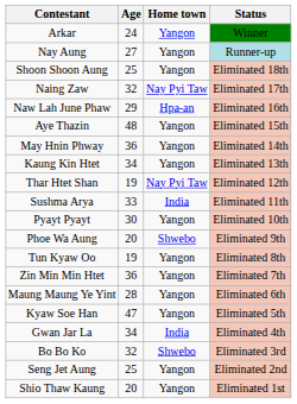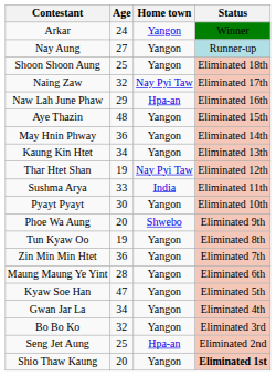 <table class= "wikitable sortable" style="text-align: center; margin:auto; align: center">
 <tr>
 <th>Contestant</th>
 <th>Age</th>
 <th>Home town</th>
 <th>Status</th>
 </tr>
 <tr>
 <td>Arkar</td>
 <td>24</td>
 <td><a href='#'>Yangon</a></td>
 <td style="background:green;"><span>Winner</span></td>
 </tr>
 <tr>
 <td>Nay Aung</td>
 <td>27</td>
 <td>Yangon</td>
 <td style="background:#B0E0E6;">Runner-up</td>
 </tr>
 <tr>
 <td>Shoon Shoon Aung</td>
 <td>25</td>
 <td>Yangon</td>
 <td bgcolor="#F4C7B8">Eliminated 18th</td>
 </tr>
 <tr>
 <td>Naing Zaw</td>
 <td>32</td>
 <td><a href='#'>Nay Pyi Taw</a></td>
 <td bgcolor="#F4C7B8">Eliminated 17th</td>
 </tr>
 <tr>
 <td>Naw Lah June Phaw</td>
 <td>29</td>
 <td><a href='#'>Hpa-an</a></td>
 <td bgcolor="#F4C7B8">Eliminated 16th</td>
 </tr>
 <tr>
 <td>Aye Thazin</td>
 <td>48</td>
 <td>Yangon</td>
 <td bgcolor="#F4C7B8">Eliminated 15th</td>
 </tr>
 <tr>
 <td>May Hnin Phway</td>
 <td>36</td>
 <td>Yangon</td>
 <td bgcolor="#F4C7B8">Eliminated 14th</td>
 </tr>
 <tr>
 <td>Kaung Kin Htet</td>
 <td>34</td>
 <td>Yangon</td>
 <td bgcolor="#F4C7B8">Eliminated 13th</td>
 </tr>
 <tr>
 <td>Thar Htet Shan</td>
 <td>19</td>
 <td><a href='#'>Nay Pyi Taw</a></td>
 <td bgcolor="#F4C7B8">Eliminated 12th</td>
 </tr>
 <tr>
 <td>Sushma Arya</td>
 <td>33</td>
 <td><a href='#'>India</a></td>
 <td bgcolor="#F4C7B8">Eliminated 11th</td>
 </tr>
 <tr>
 <td>Pyayt Pyayt</td>
 <td>30</td>
 <td>Yangon</td>
 <td bgcolor="#F4C7B8">Eliminated 10th</td>
 </tr>
 <tr>
 <td>Phoe Wa Aung</td>
 <td>20</td>
 <td><a href='#'>Shwebo</a></td>
 <td bgcolor="#F4C7B8">Eliminated 9th</td>
 </tr>
 <tr>
 <td>Tun Kyaw Oo</td>
 <td>19</td>
 <td>Yangon</td>
 <td bgcolor="#F4C7B8">Eliminated 8th</td>
 </tr>
 <tr>
 <td>Zin Min Min Htet</td>
 <td>36</td>
 <td>Yangon</td>
 <td bgcolor="#F4C7B8">Eliminated 7th</td>
 </tr>
 <tr>
 <td>Maung Maung Ye Yint</td>
 <td>28</td>
 <td>Yangon</td>
 <td bgcolor="#F4C7B8">Eliminated 6th</td>
 </tr>
 <tr>
 <td>Kyaw Soe Han</td>
 <td>47</td>
 <td>Yangon</td>
 <td bgcolor="#F4C7B8">Eliminated 5th</td>
 </tr>
 <tr>
 <td>Gwan Jar La</td>
 <td>34</td>
-<td><a href='#'>India</a></td>
+<td>Yangon</td>
 <td bgcolor="#F4C7B8">Eliminated 4th</td>
 </tr>
 <tr>
 <td>Bo Bo Ko</td>
 <td>32</td>
-<td><a href='#'>Shwebo</a></td>
+<td>Yangon</td>
 <td bgcolor="#F4C7B8">Eliminated 3rd</td>
 </tr>
 <tr>
 <td>Seng Jet Aung</td>
 <td>25</td>
-<td>Yangon</td>
+<td><a href='#'>Hpa-an</a></td>
 <td bgcolor="#F4C7B8">Eliminated 2nd</td>
 </tr>
 <tr>
 <td>Shio Thaw Kaung</td>
 <td>20</td>
 <td>Yangon</td>
-<td bgcolor="#F4C7B8">Eliminated 1st</td>
+<td bgcolor="#F4C7B8"><strong>Eliminated 1st</strong></td>
 </tr>
 </table>
